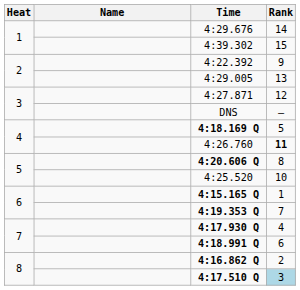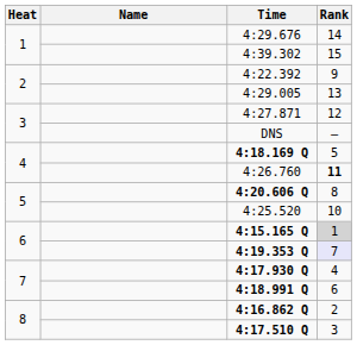 <table class="wikitable" style="text-align:center;">
 <tr>
 <th>Heat</th>
 <th style="width:15em">Name</th>
 <th style="width:7em">Time</th>
 <th>Rank</th>
 </tr>
 <tr>
 <td rowspan=2>1</td>
 <td align=left></td>
 <td>4:29.676</td>
 <td>14</td>
 </tr>
 <tr>
 <td align=left></td>
 <td>4:39.302</td>
 <td>15</td>
 </tr>
 <tr>
 <td rowspan=2>2</td>
 <td align=left></td>
 <td>4:22.392</td>
 <td>9</td>
 </tr>
 <tr>
 <td align=left></td>
 <td>4:29.005</td>
 <td>13</td>
 </tr>
 <tr>
 <td rowspan=2>3</td>
 <td align=left></td>
 <td>4:27.871</td>
 <td>12</td>
 </tr>
 <tr>
 <td align=left></td>
 <td>DNS</td>
 <td>—</td>
 </tr>
 <tr>
 <td rowspan=2>4</td>
 <td align=left></td>
 <td><strong>4:18.169 Q</strong></td>
 <td>5</td>
 </tr>
 <tr>
 <td align=left></td>
 <td>4:26.760</td>
 <td><strong>11</strong></td>
 </tr>
 <tr>
 <td rowspan=2>5</td>
 <td align=left></td>
 <td><strong>4:20.606 Q</strong></td>
 <td>8</td>
 </tr>
 <tr>
 <td align=left></td>
 <td>4:25.520</td>
 <td>10</td>
 </tr>
 <tr>
 <td rowspan=2>6</td>
 <td align=left></td>
 <td><strong>4:15.165 Q</strong></td>
-<td>1</td>
+<td style="background: lightgrey;">1</td>
 </tr>
 <tr>
 <td align=left></td>
 <td><strong>4:19.353 Q</strong></td>
-<td>7</td>
+<td style="background: lavender;">7</td>
 </tr>
 <tr>
 <td rowspan=2>7</td>
 <td align=left></td>
 <td><strong>4:17.930 Q</strong></td>
 <td>4</td>
 </tr>
 <tr>
 <td align=left></td>
 <td><strong>4:18.991 Q</strong></td>
 <td>6</td>
 </tr>
 <tr>
 <td rowspan=2>8</td>
 <td align=left></td>
 <td><strong>4:16.862 Q</strong></td>
 <td>2</td>
 </tr>
 <tr>
 <td align=left></td>
 <td><strong>4:17.510 Q</strong></td>
-<td style="background: lightblue;">3</td>
+<td>3</td>
 </tr>
 </table>
